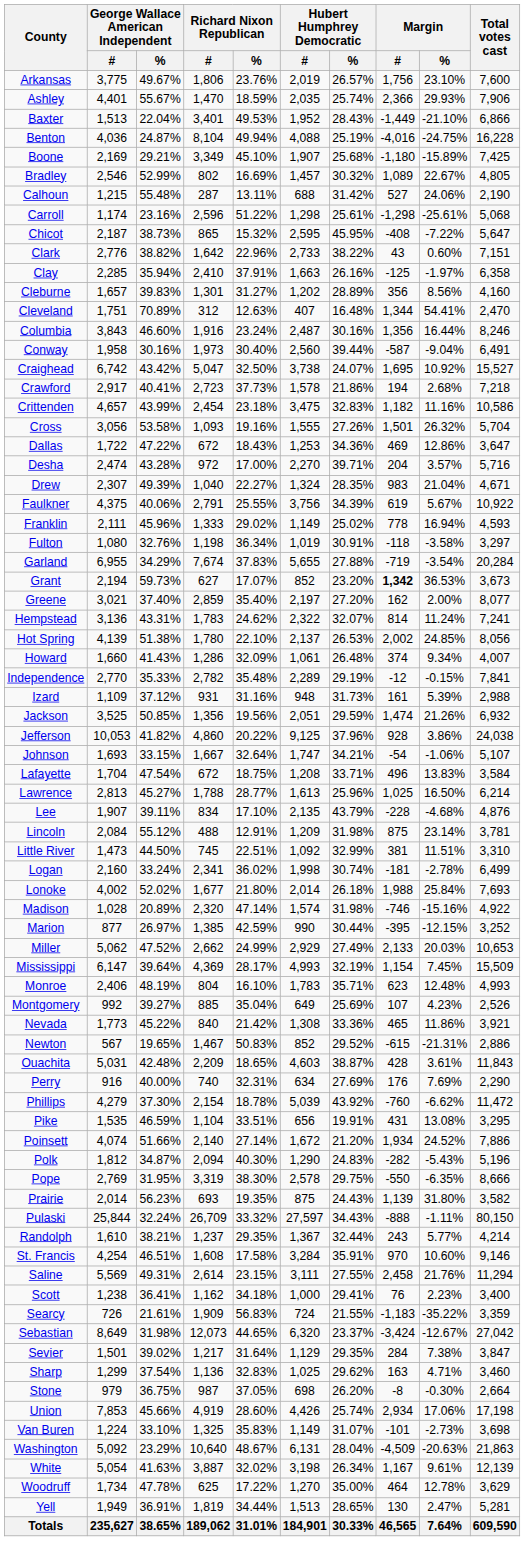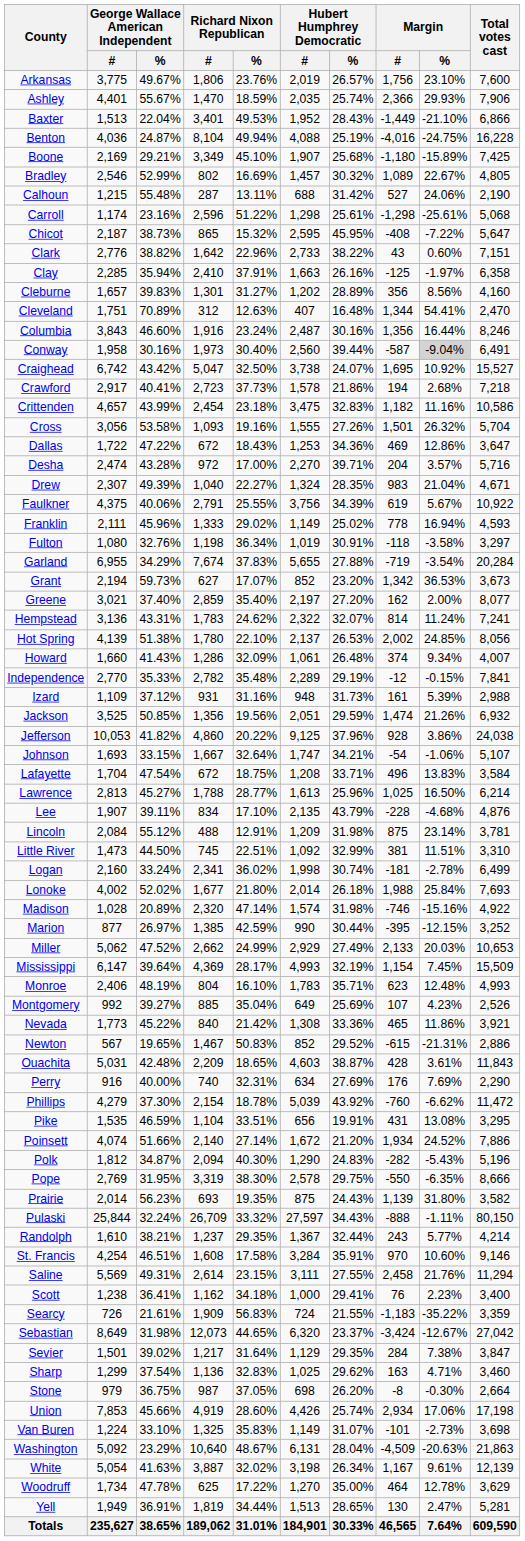 <table width="60%" class="wikitable sortable">
 <tr>
 <th rowspan="2">County</th>
 <th colspan="2">George Wallace<br>American Independent</th>
 <th colspan="2">Richard Nixon<br>Republican</th>
 <th colspan="2">Hubert Humphrey<br>Democratic</th>
 <th colspan="2">Margin</th>
 <th rowspan="2">Total votes cast</th>
 </tr>
 <tr>
 <th style="text-align:center;" data-sort-type="number">#</th>
 <th style="text-align:center;" data-sort-type="number">%</th>
 <th style="text-align:center;" data-sort-type="number">#</th>
 <th style="text-align:center;" data-sort-type="number">%</th>
 <th style="text-align:center;" data-sort-type="number">#</th>
 <th style="text-align:center;" data-sort-type="number">%</th>
 <th style="text-align:center;" data-sort-type="number">#</th>
 <th style="text-align:center;" data-sort-type="number">%</th>
 </tr>
 <tr style="text-align:center;">
 <td><a href='#'>Arkansas</a></td>
 <td>3,775</td>
 <td>49.67%</td>
 <td>1,806</td>
 <td>23.76%</td>
 <td>2,019</td>
 <td>26.57%</td>
 <td>1,756</td>
 <td>23.10%</td>
 <td>7,600</td>
 </tr>
 <tr style="text-align:center;">
 <td><a href='#'>Ashley</a></td>
 <td>4,401</td>
 <td>55.67%</td>
 <td>1,470</td>
 <td>18.59%</td>
 <td>2,035</td>
 <td>25.74%</td>
 <td>2,366</td>
 <td>29.93%</td>
 <td>7,906</td>
 </tr>
 <tr style="text-align:center;">
 <td><a href='#'>Baxter</a></td>
 <td>1,513</td>
 <td>22.04%</td>
 <td>3,401</td>
 <td>49.53%</td>
 <td>1,952</td>
 <td>28.43%</td>
 <td>-1,449</td>
 <td>-21.10%</td>
 <td>6,866</td>
 </tr>
 <tr style="text-align:center;">
 <td><a href='#'>Benton</a></td>
 <td>4,036</td>
 <td>24.87%</td>
 <td>8,104</td>
 <td>49.94%</td>
 <td>4,088</td>
 <td>25.19%</td>
 <td>-4,016</td>
 <td>-24.75%</td>
 <td>16,228</td>
 </tr>
 <tr style="text-align:center;">
 <td><a href='#'>Boone</a></td>
 <td>2,169</td>
 <td>29.21%</td>
 <td>3,349</td>
 <td>45.10%</td>
 <td>1,907</td>
 <td>25.68%</td>
 <td>-1,180</td>
 <td>-15.89%</td>
 <td>7,425</td>
 </tr>
 <tr style="text-align:center;">
 <td><a href='#'>Bradley</a></td>
 <td>2,546</td>
 <td>52.99%</td>
 <td>802</td>
 <td>16.69%</td>
 <td>1,457</td>
 <td>30.32%</td>
 <td>1,089</td>
 <td>22.67%</td>
 <td>4,805</td>
 </tr>
 <tr style="text-align:center;">
 <td><a href='#'>Calhoun</a></td>
 <td>1,215</td>
 <td>55.48%</td>
 <td>287</td>
 <td>13.11%</td>
 <td>688</td>
 <td>31.42%</td>
 <td>527</td>
 <td>24.06%</td>
 <td>2,190</td>
 </tr>
 <tr style="text-align:center;">
 <td><a href='#'>Carroll</a></td>
 <td>1,174</td>
 <td>23.16%</td>
 <td>2,596</td>
 <td>51.22%</td>
 <td>1,298</td>
 <td>25.61%</td>
 <td>-1,298</td>
 <td>-25.61%</td>
 <td>5,068</td>
 </tr>
 <tr style="text-align:center;">
 <td><a href='#'>Chicot</a></td>
 <td>2,187</td>
 <td>38.73%</td>
 <td>865</td>
 <td>15.32%</td>
 <td>2,595</td>
 <td>45.95%</td>
 <td>-408</td>
 <td>-7.22%</td>
 <td>5,647</td>
 </tr>
 <tr style="text-align:center;">
 <td><a href='#'>Clark</a></td>
 <td>2,776</td>
 <td>38.82%</td>
 <td>1,642</td>
 <td>22.96%</td>
 <td>2,733</td>
 <td>38.22%</td>
 <td>43</td>
 <td>0.60%</td>
 <td>7,151</td>
 </tr>
 <tr style="text-align:center;">
 <td><a href='#'>Clay</a></td>
 <td>2,285</td>
 <td>35.94%</td>
 <td>2,410</td>
 <td>37.91%</td>
 <td>1,663</td>
 <td>26.16%</td>
 <td>-125</td>
 <td>-1.97%</td>
 <td>6,358</td>
 </tr>
 <tr style="text-align:center;">
 <td><a href='#'>Cleburne</a></td>
 <td>1,657</td>
 <td>39.83%</td>
 <td>1,301</td>
 <td>31.27%</td>
 <td>1,202</td>
 <td>28.89%</td>
 <td>356</td>
 <td>8.56%</td>
 <td>4,160</td>
 </tr>
 <tr style="text-align:center;">
 <td><a href='#'>Cleveland</a></td>
 <td>1,751</td>
 <td>70.89%</td>
 <td>312</td>
 <td>12.63%</td>
 <td>407</td>
 <td>16.48%</td>
 <td>1,344</td>
 <td>54.41%</td>
 <td>2,470</td>
 </tr>
 <tr style="text-align:center;">
 <td><a href='#'>Columbia</a></td>
 <td>3,843</td>
 <td>46.60%</td>
 <td>1,916</td>
 <td>23.24%</td>
 <td>2,487</td>
 <td>30.16%</td>
 <td>1,356</td>
 <td>16.44%</td>
 <td>8,246</td>
 </tr>
 <tr style="text-align:center;">
 <td><a href='#'>Conway</a></td>
 <td>1,958</td>
 <td>30.16%</td>
 <td>1,973</td>
 <td>30.40%</td>
 <td>2,560</td>
 <td>39.44%</td>
 <td>-587</td>
-<td>-9.04%</td>
+<td style="background: lightgrey;">-9.04%</td>
 <td>6,491</td>
 </tr>
 <tr style="text-align:center;">
 <td><a href='#'>Craighead</a></td>
 <td>6,742</td>
 <td>43.42%</td>
 <td>5,047</td>
 <td>32.50%</td>
 <td>3,738</td>
 <td>24.07%</td>
 <td>1,695</td>
 <td>10.92%</td>
 <td>15,527</td>
 </tr>
 <tr style="text-align:center;">
 <td><a href='#'>Crawford</a></td>
 <td>2,917</td>
 <td>40.41%</td>
 <td>2,723</td>
 <td>37.73%</td>
 <td>1,578</td>
 <td>21.86%</td>
 <td>194</td>
 <td>2.68%</td>
 <td>7,218</td>
 </tr>
 <tr style="text-align:center;">
 <td><a href='#'>Crittenden</a></td>
 <td>4,657</td>
 <td>43.99%</td>
 <td>2,454</td>
 <td>23.18%</td>
 <td>3,475</td>
 <td>32.83%</td>
 <td>1,182</td>
 <td>11.16%</td>
 <td>10,586</td>
 </tr>
 <tr style="text-align:center;">
 <td><a href='#'>Cross</a></td>
 <td>3,056</td>
 <td>53.58%</td>
 <td>1,093</td>
 <td>19.16%</td>
 <td>1,555</td>
 <td>27.26%</td>
 <td>1,501</td>
 <td>26.32%</td>
 <td>5,704</td>
 </tr>
 <tr style="text-align:center;">
 <td><a href='#'>Dallas</a></td>
 <td>1,722</td>
 <td>47.22%</td>
 <td>672</td>
 <td>18.43%</td>
 <td>1,253</td>
 <td>34.36%</td>
 <td>469</td>
 <td>12.86%</td>
 <td>3,647</td>
 </tr>
 <tr style="text-align:center;">
 <td><a href='#'>Desha</a></td>
 <td>2,474</td>
 <td>43.28%</td>
 <td>972</td>
 <td>17.00%</td>
 <td>2,270</td>
 <td>39.71%</td>
 <td>204</td>
 <td>3.57%</td>
 <td>5,716</td>
 </tr>
 <tr style="text-align:center;">
 <td><a href='#'>Drew</a></td>
 <td>2,307</td>
 <td>49.39%</td>
 <td>1,040</td>
 <td>22.27%</td>
 <td>1,324</td>
 <td>28.35%</td>
 <td>983</td>
 <td>21.04%</td>
 <td>4,671</td>
 </tr>
 <tr style="text-align:center;">
 <td><a href='#'>Faulkner</a></td>
 <td>4,375</td>
 <td>40.06%</td>
 <td>2,791</td>
 <td>25.55%</td>
 <td>3,756</td>
 <td>34.39%</td>
 <td>619</td>
 <td>5.67%</td>
 <td>10,922</td>
 </tr>
 <tr style="text-align:center;">
 <td><a href='#'>Franklin</a></td>
 <td>2,111</td>
 <td>45.96%</td>
 <td>1,333</td>
 <td>29.02%</td>
 <td>1,149</td>
 <td>25.02%</td>
 <td>778</td>
 <td>16.94%</td>
 <td>4,593</td>
 </tr>
 <tr style="text-align:center;">
 <td><a href='#'>Fulton</a></td>
 <td>1,080</td>
 <td>32.76%</td>
 <td>1,198</td>
 <td>36.34%</td>
 <td>1,019</td>
 <td>30.91%</td>
 <td>-118</td>
 <td>-3.58%</td>
 <td>3,297</td>
 </tr>
 <tr style="text-align:center;">
 <td><a href='#'>Garland</a></td>
 <td>6,955</td>
 <td>34.29%</td>
 <td>7,674</td>
 <td>37.83%</td>
 <td>5,655</td>
 <td>27.88%</td>
 <td>-719</td>
 <td>-3.54%</td>
 <td>20,284</td>
 </tr>
 <tr style="text-align:center;">
 <td><a href='#'>Grant</a></td>
 <td>2,194</td>
 <td>59.73%</td>
 <td>627</td>
 <td>17.07%</td>
 <td>852</td>
 <td>23.20%</td>
-<td><strong>1,342</strong></td>
+<td>1,342</td>
 <td>36.53%</td>
 <td>3,673</td>
 </tr>
 <tr style="text-align:center;">
 <td><a href='#'>Greene</a></td>
 <td>3,021</td>
 <td>37.40%</td>
 <td>2,859</td>
 <td>35.40%</td>
 <td>2,197</td>
 <td>27.20%</td>
 <td>162</td>
 <td>2.00%</td>
 <td>8,077</td>
 </tr>
 <tr style="text-align:center;">
 <td><a href='#'>Hempstead</a></td>
 <td>3,136</td>
 <td>43.31%</td>
 <td>1,783</td>
 <td>24.62%</td>
 <td>2,322</td>
 <td>32.07%</td>
 <td>814</td>
 <td>11.24%</td>
 <td>7,241</td>
 </tr>
 <tr style="text-align:center;">
 <td><a href='#'>Hot Spring</a></td>
 <td>4,139</td>
 <td>51.38%</td>
 <td>1,780</td>
 <td>22.10%</td>
 <td>2,137</td>
 <td>26.53%</td>
 <td>2,002</td>
 <td>24.85%</td>
 <td>8,056</td>
 </tr>
 <tr style="text-align:center;">
 <td><a href='#'>Howard</a></td>
 <td>1,660</td>
 <td>41.43%</td>
 <td>1,286</td>
 <td>32.09%</td>
 <td>1,061</td>
 <td>26.48%</td>
 <td>374</td>
 <td>9.34%</td>
 <td>4,007</td>
 </tr>
 <tr style="text-align:center;">
 <td><a href='#'>Independence</a></td>
 <td>2,770</td>
 <td>35.33%</td>
 <td>2,782</td>
 <td>35.48%</td>
 <td>2,289</td>
 <td>29.19%</td>
 <td>-12</td>
 <td>-0.15%</td>
 <td>7,841</td>
 </tr>
 <tr style="text-align:center;">
 <td><a href='#'>Izard</a></td>
 <td>1,109</td>
 <td>37.12%</td>
 <td>931</td>
 <td>31.16%</td>
 <td>948</td>
 <td>31.73%</td>
 <td>161</td>
 <td>5.39%</td>
 <td>2,988</td>
 </tr>
 <tr style="text-align:center;">
 <td><a href='#'>Jackson</a></td>
 <td>3,525</td>
 <td>50.85%</td>
 <td>1,356</td>
 <td>19.56%</td>
 <td>2,051</td>
 <td>29.59%</td>
 <td>1,474</td>
 <td>21.26%</td>
 <td>6,932</td>
 </tr>
 <tr style="text-align:center;">
 <td><a href='#'>Jefferson</a></td>
 <td>10,053</td>
 <td>41.82%</td>
 <td>4,860</td>
 <td>20.22%</td>
 <td>9,125</td>
 <td>37.96%</td>
 <td>928</td>
 <td>3.86%</td>
 <td>24,038</td>
 </tr>
 <tr style="text-align:center;">
 <td><a href='#'>Johnson</a></td>
 <td>1,693</td>
 <td>33.15%</td>
 <td>1,667</td>
 <td>32.64%</td>
 <td>1,747</td>
 <td>34.21%</td>
 <td>-54</td>
 <td>-1.06%</td>
 <td>5,107</td>
 </tr>
 <tr style="text-align:center;">
 <td><a href='#'>Lafayette</a></td>
 <td>1,704</td>
 <td>47.54%</td>
 <td>672</td>
 <td>18.75%</td>
 <td>1,208</td>
 <td>33.71%</td>
 <td>496</td>
 <td>13.83%</td>
 <td>3,584</td>
 </tr>
 <tr style="text-align:center;">
 <td><a href='#'>Lawrence</a></td>
 <td>2,813</td>
 <td>45.27%</td>
 <td>1,788</td>
 <td>28.77%</td>
 <td>1,613</td>
 <td>25.96%</td>
 <td>1,025</td>
 <td>16.50%</td>
 <td>6,214</td>
 </tr>
 <tr style="text-align:center;">
 <td><a href='#'>Lee</a></td>
 <td>1,907</td>
 <td>39.11%</td>
 <td>834</td>
 <td>17.10%</td>
 <td>2,135</td>
 <td>43.79%</td>
 <td>-228</td>
 <td>-4.68%</td>
 <td>4,876</td>
 </tr>
 <tr style="text-align:center;">
 <td><a href='#'>Lincoln</a></td>
 <td>2,084</td>
 <td>55.12%</td>
 <td>488</td>
 <td>12.91%</td>
 <td>1,209</td>
 <td>31.98%</td>
 <td>875</td>
 <td>23.14%</td>
 <td>3,781</td>
 </tr>
 <tr style="text-align:center;">
 <td><a href='#'>Little River</a></td>
 <td>1,473</td>
 <td>44.50%</td>
 <td>745</td>
 <td>22.51%</td>
 <td>1,092</td>
 <td>32.99%</td>
 <td>381</td>
 <td>11.51%</td>
 <td>3,310</td>
 </tr>
 <tr style="text-align:center;">
 <td><a href='#'>Logan</a></td>
 <td>2,160</td>
 <td>33.24%</td>
 <td>2,341</td>
 <td>36.02%</td>
 <td>1,998</td>
 <td>30.74%</td>
 <td>-181</td>
 <td>-2.78%</td>
 <td>6,499</td>
 </tr>
 <tr style="text-align:center;">
 <td><a href='#'>Lonoke</a></td>
 <td>4,002</td>
 <td>52.02%</td>
 <td>1,677</td>
 <td>21.80%</td>
 <td>2,014</td>
 <td>26.18%</td>
 <td>1,988</td>
 <td>25.84%</td>
 <td>7,693</td>
 </tr>
 <tr style="text-align:center;">
 <td><a href='#'>Madison</a></td>
 <td>1,028</td>
 <td>20.89%</td>
 <td>2,320</td>
 <td>47.14%</td>
 <td>1,574</td>
 <td>31.98%</td>
 <td>-746</td>
 <td>-15.16%</td>
 <td>4,922</td>
 </tr>
 <tr style="text-align:center;">
 <td><a href='#'>Marion</a></td>
 <td>877</td>
 <td>26.97%</td>
 <td>1,385</td>
 <td>42.59%</td>
 <td>990</td>
 <td>30.44%</td>
 <td>-395</td>
 <td>-12.15%</td>
 <td>3,252</td>
 </tr>
 <tr style="text-align:center;">
 <td><a href='#'>Miller</a></td>
 <td>5,062</td>
 <td>47.52%</td>
 <td>2,662</td>
 <td>24.99%</td>
 <td>2,929</td>
 <td>27.49%</td>
 <td>2,133</td>
 <td>20.03%</td>
 <td>10,653</td>
 </tr>
 <tr style="text-align:center;">
 <td><a href='#'>Mississippi</a></td>
 <td>6,147</td>
 <td>39.64%</td>
 <td>4,369</td>
 <td>28.17%</td>
 <td>4,993</td>
 <td>32.19%</td>
 <td>1,154</td>
 <td>7.45%</td>
 <td>15,509</td>
 </tr>
 <tr style="text-align:center;">
 <td><a href='#'>Monroe</a></td>
 <td>2,406</td>
 <td>48.19%</td>
 <td>804</td>
 <td>16.10%</td>
 <td>1,783</td>
 <td>35.71%</td>
 <td>623</td>
 <td>12.48%</td>
 <td>4,993</td>
 </tr>
 <tr style="text-align:center;">
 <td><a href='#'>Montgomery</a></td>
 <td>992</td>
 <td>39.27%</td>
 <td>885</td>
 <td>35.04%</td>
 <td>649</td>
 <td>25.69%</td>
 <td>107</td>
 <td>4.23%</td>
 <td>2,526</td>
 </tr>
 <tr style="text-align:center;">
 <td><a href='#'>Nevada</a></td>
 <td>1,773</td>
 <td>45.22%</td>
 <td>840</td>
 <td>21.42%</td>
 <td>1,308</td>
 <td>33.36%</td>
 <td>465</td>
 <td>11.86%</td>
 <td>3,921</td>
 </tr>
 <tr style="text-align:center;">
 <td><a href='#'>Newton</a></td>
 <td>567</td>
 <td>19.65%</td>
 <td>1,467</td>
 <td>50.83%</td>
 <td>852</td>
 <td>29.52%</td>
 <td>-615</td>
 <td>-21.31%</td>
 <td>2,886</td>
 </tr>
 <tr style="text-align:center;">
 <td><a href='#'>Ouachita</a></td>
 <td>5,031</td>
 <td>42.48%</td>
 <td>2,209</td>
 <td>18.65%</td>
 <td>4,603</td>
 <td>38.87%</td>
 <td>428</td>
 <td>3.61%</td>
 <td>11,843</td>
 </tr>
 <tr style="text-align:center;">
 <td><a href='#'>Perry</a></td>
 <td>916</td>
 <td>40.00%</td>
 <td>740</td>
 <td>32.31%</td>
 <td>634</td>
 <td>27.69%</td>
 <td>176</td>
 <td>7.69%</td>
 <td>2,290</td>
 </tr>
 <tr style="text-align:center;">
 <td><a href='#'>Phillips</a></td>
 <td>4,279</td>
 <td>37.30%</td>
 <td>2,154</td>
 <td>18.78%</td>
 <td>5,039</td>
 <td>43.92%</td>
 <td>-760</td>
 <td>-6.62%</td>
 <td>11,472</td>
 </tr>
 <tr style="text-align:center;">
 <td><a href='#'>Pike</a></td>
 <td>1,535</td>
 <td>46.59%</td>
 <td>1,104</td>
 <td>33.51%</td>
 <td>656</td>
 <td>19.91%</td>
 <td>431</td>
 <td>13.08%</td>
 <td>3,295</td>
 </tr>
 <tr style="text-align:center;">
 <td><a href='#'>Poinsett</a></td>
 <td>4,074</td>
 <td>51.66%</td>
 <td>2,140</td>
 <td>27.14%</td>
 <td>1,672</td>
 <td>21.20%</td>
 <td>1,934</td>
 <td>24.52%</td>
 <td>7,886</td>
 </tr>
 <tr style="text-align:center;">
 <td><a href='#'>Polk</a></td>
 <td>1,812</td>
 <td>34.87%</td>
 <td>2,094</td>
 <td>40.30%</td>
 <td>1,290</td>
 <td>24.83%</td>
 <td>-282</td>
 <td>-5.43%</td>
 <td>5,196</td>
 </tr>
 <tr style="text-align:center;">
 <td><a href='#'>Pope</a></td>
 <td>2,769</td>
 <td>31.95%</td>
 <td>3,319</td>
 <td>38.30%</td>
 <td>2,578</td>
 <td>29.75%</td>
 <td>-550</td>
 <td>-6.35%</td>
 <td>8,666</td>
 </tr>
 <tr style="text-align:center;">
 <td><a href='#'>Prairie</a></td>
 <td>2,014</td>
 <td>56.23%</td>
 <td>693</td>
 <td>19.35%</td>
 <td>875</td>
 <td>24.43%</td>
 <td>1,139</td>
 <td>31.80%</td>
 <td>3,582</td>
 </tr>
 <tr style="text-align:center;">
 <td><a href='#'>Pulaski</a></td>
 <td>25,844</td>
 <td>32.24%</td>
 <td>26,709</td>
 <td>33.32%</td>
 <td>27,597</td>
 <td>34.43%</td>
 <td>-888</td>
 <td>-1.11%</td>
 <td>80,150</td>
 </tr>
 <tr style="text-align:center;">
 <td><a href='#'>Randolph</a></td>
 <td>1,610</td>
 <td>38.21%</td>
 <td>1,237</td>
 <td>29.35%</td>
 <td>1,367</td>
 <td>32.44%</td>
 <td>243</td>
 <td>5.77%</td>
 <td>4,214</td>
 </tr>
 <tr style="text-align:center;">
 <td><a href='#'>St. Francis</a></td>
 <td>4,254</td>
 <td>46.51%</td>
 <td>1,608</td>
 <td>17.58%</td>
 <td>3,284</td>
 <td>35.91%</td>
 <td>970</td>
 <td>10.60%</td>
 <td>9,146</td>
 </tr>
 <tr style="text-align:center;">
 <td><a href='#'>Saline</a></td>
 <td>5,569</td>
 <td>49.31%</td>
 <td>2,614</td>
 <td>23.15%</td>
 <td>3,111</td>
 <td>27.55%</td>
 <td>2,458</td>
 <td>21.76%</td>
 <td>11,294</td>
 </tr>
 <tr style="text-align:center;">
 <td><a href='#'>Scott</a></td>
 <td>1,238</td>
 <td>36.41%</td>
 <td>1,162</td>
 <td>34.18%</td>
 <td>1,000</td>
 <td>29.41%</td>
 <td>76</td>
 <td>2.23%</td>
 <td>3,400</td>
 </tr>
 <tr style="text-align:center;">
 <td><a href='#'>Searcy</a></td>
 <td>726</td>
 <td>21.61%</td>
 <td>1,909</td>
 <td>56.83%</td>
 <td>724</td>
 <td>21.55%</td>
 <td>-1,183</td>
 <td>-35.22%</td>
 <td>3,359</td>
 </tr>
 <tr style="text-align:center;">
 <td><a href='#'>Sebastian</a></td>
 <td>8,649</td>
 <td>31.98%</td>
 <td>12,073</td>
 <td>44.65%</td>
 <td>6,320</td>
 <td>23.37%</td>
 <td>-3,424</td>
 <td>-12.67%</td>
 <td>27,042</td>
 </tr>
 <tr style="text-align:center;">
 <td><a href='#'>Sevier</a></td>
 <td>1,501</td>
 <td>39.02%</td>
 <td>1,217</td>
 <td>31.64%</td>
 <td>1,129</td>
 <td>29.35%</td>
 <td>284</td>
 <td>7.38%</td>
 <td>3,847</td>
 </tr>
 <tr style="text-align:center;">
 <td><a href='#'>Sharp</a></td>
 <td>1,299</td>
 <td>37.54%</td>
 <td>1,136</td>
 <td>32.83%</td>
 <td>1,025</td>
 <td>29.62%</td>
 <td>163</td>
 <td>4.71%</td>
 <td>3,460</td>
 </tr>
 <tr style="text-align:center;">
 <td><a href='#'>Stone</a></td>
 <td>979</td>
 <td>36.75%</td>
 <td>987</td>
 <td>37.05%</td>
 <td>698</td>
 <td>26.20%</td>
 <td>-8</td>
 <td>-0.30%</td>
 <td>2,664</td>
 </tr>
 <tr style="text-align:center;">
 <td><a href='#'>Union</a></td>
 <td>7,853</td>
 <td>45.66%</td>
 <td>4,919</td>
 <td>28.60%</td>
 <td>4,426</td>
 <td>25.74%</td>
 <td>2,934</td>
 <td>17.06%</td>
 <td>17,198</td>
 </tr>
 <tr style="text-align:center;">
 <td><a href='#'>Van Buren</a></td>
 <td>1,224</td>
 <td>33.10%</td>
 <td>1,325</td>
 <td>35.83%</td>
 <td>1,149</td>
 <td>31.07%</td>
 <td>-101</td>
 <td>-2.73%</td>
 <td>3,698</td>
 </tr>
 <tr style="text-align:center;">
 <td><a href='#'>Washington</a></td>
 <td>5,092</td>
 <td>23.29%</td>
 <td>10,640</td>
 <td>48.67%</td>
 <td>6,131</td>
 <td>28.04%</td>
 <td>-4,509</td>
 <td>-20.63%</td>
 <td>21,863</td>
 </tr>
 <tr style="text-align:center;">
 <td><a href='#'>White</a></td>
 <td>5,054</td>
 <td>41.63%</td>
 <td>3,887</td>
 <td>32.02%</td>
 <td>3,198</td>
 <td>26.34%</td>
 <td>1,167</td>
 <td>9.61%</td>
 <td>12,139</td>
 </tr>
 <tr style="text-align:center;">
 <td><a href='#'>Woodruff</a></td>
 <td>1,734</td>
 <td>47.78%</td>
 <td>625</td>
 <td>17.22%</td>
 <td>1,270</td>
 <td>35.00%</td>
 <td>464</td>
 <td>12.78%</td>
 <td>3,629</td>
 </tr>
 <tr style="text-align:center;">
 <td><a href='#'>Yell</a></td>
 <td>1,949</td>
 <td>36.91%</td>
 <td>1,819</td>
 <td>34.44%</td>
 <td>1,513</td>
 <td>28.65%</td>
 <td>130</td>
 <td>2.47%</td>
 <td>5,281</td>
 </tr>
 <tr style="text-align:center;">
 <th>Totals</th>
 <th>235,627</th>
 <th>38.65%</th>
 <th>189,062</th>
 <th>31.01%</th>
 <th>184,901</th>
 <th>30.33%</th>
 <th>46,565</th>
 <th>7.64%</th>
 <th>609,590</th>
 </tr>
 </table>
